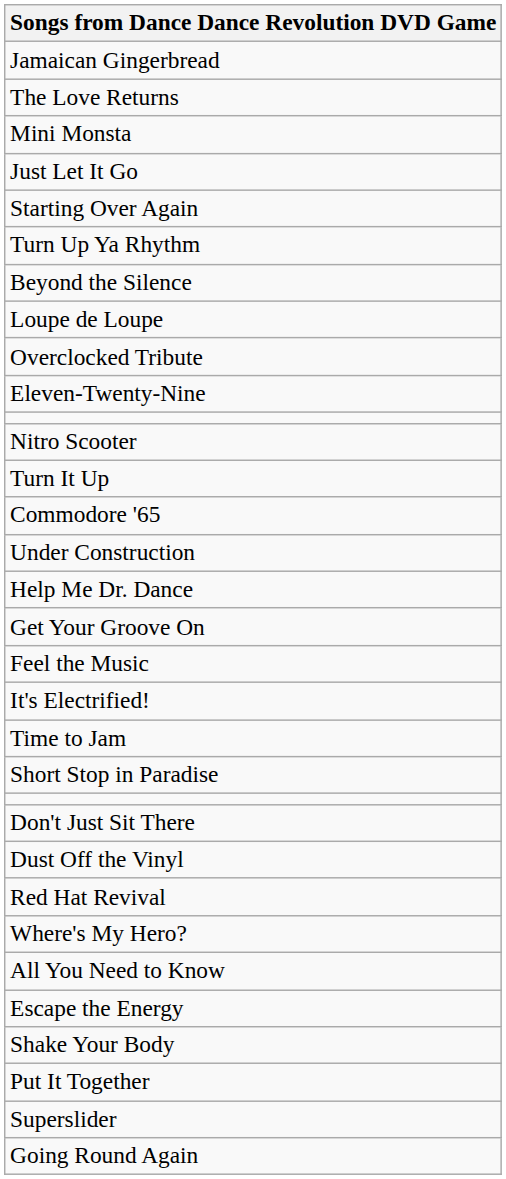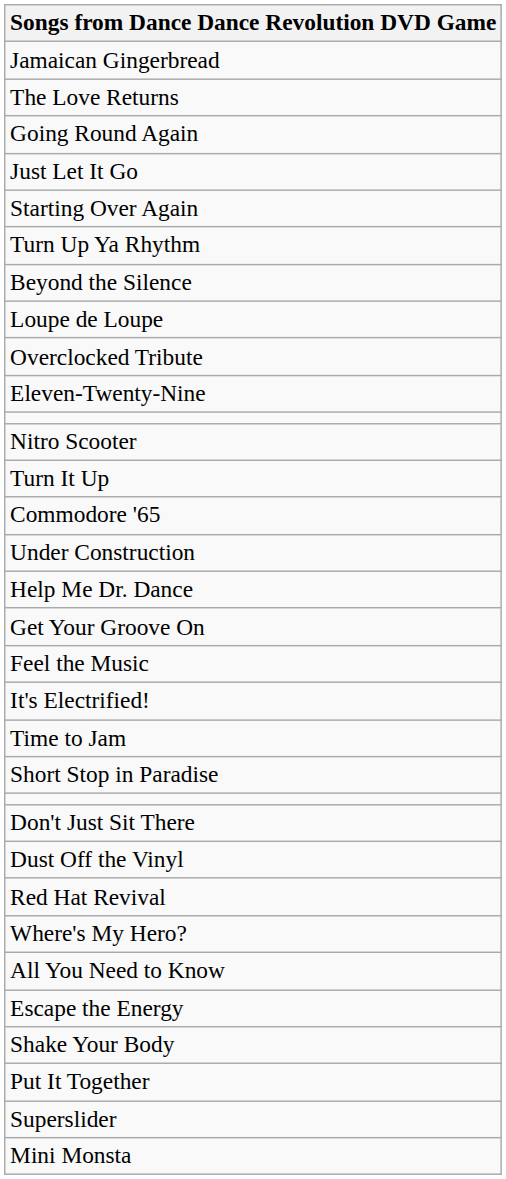 <table class="wikitable collapsible collapsed">
 <tr>
 <th>Songs from Dance Dance Revolution DVD Game</th>
 </tr>
 <tr>
 <td>Jamaican Gingerbread</td>
 </tr>
 <tr>
 <td>The Love Returns</td>
 </tr>
 <tr>
-<td>Mini Monsta</td>
+<td>Going Round Again</td>
 </tr>
 <tr>
 <td>Just Let It Go</td>
 </tr>
 <tr>
 <td>Starting Over Again</td>
 </tr>
 <tr>
 <td>Turn Up Ya Rhythm</td>
 </tr>
 <tr>
 <td>Beyond the Silence</td>
 </tr>
 <tr>
 <td>Loupe de Loupe</td>
 </tr>
 <tr>
 <td>Overclocked Tribute</td>
 </tr>
 <tr>
 <td>Eleven-Twenty-Nine</td>
 </tr>
 <tr>
 <td></td>
 </tr>
 <tr>
 <td>Nitro Scooter</td>
 </tr>
 <tr>
 <td>Turn It Up</td>
 </tr>
 <tr>
 <td>Commodore '65</td>
 </tr>
 <tr>
 <td>Under Construction</td>
 </tr>
 <tr>
 <td>Help Me Dr. Dance</td>
 </tr>
 <tr>
 <td>Get Your Groove On</td>
 </tr>
 <tr>
 <td>Feel the Music</td>
 </tr>
 <tr>
 <td>It's Electrified!</td>
 </tr>
 <tr>
 <td>Time to Jam</td>
 </tr>
 <tr>
 <td>Short Stop in Paradise</td>
 </tr>
 <tr>
 <td></td>
 </tr>
 <tr>
 <td>Don't Just Sit There</td>
 </tr>
 <tr>
 <td>Dust Off the Vinyl</td>
 </tr>
 <tr>
 <td>Red Hat Revival</td>
 </tr>
 <tr>
 <td>Where's My Hero?</td>
 </tr>
 <tr>
 <td>All You Need to Know</td>
 </tr>
 <tr>
 <td>Escape the Energy</td>
 </tr>
 <tr>
 <td>Shake Your Body</td>
 </tr>
 <tr>
 <td>Put It Together</td>
 </tr>
 <tr>
 <td>Superslider</td>
 </tr>
 <tr>
-<td>Going Round Again</td>
+<td>Mini Monsta</td>
 </tr>
 </table>
